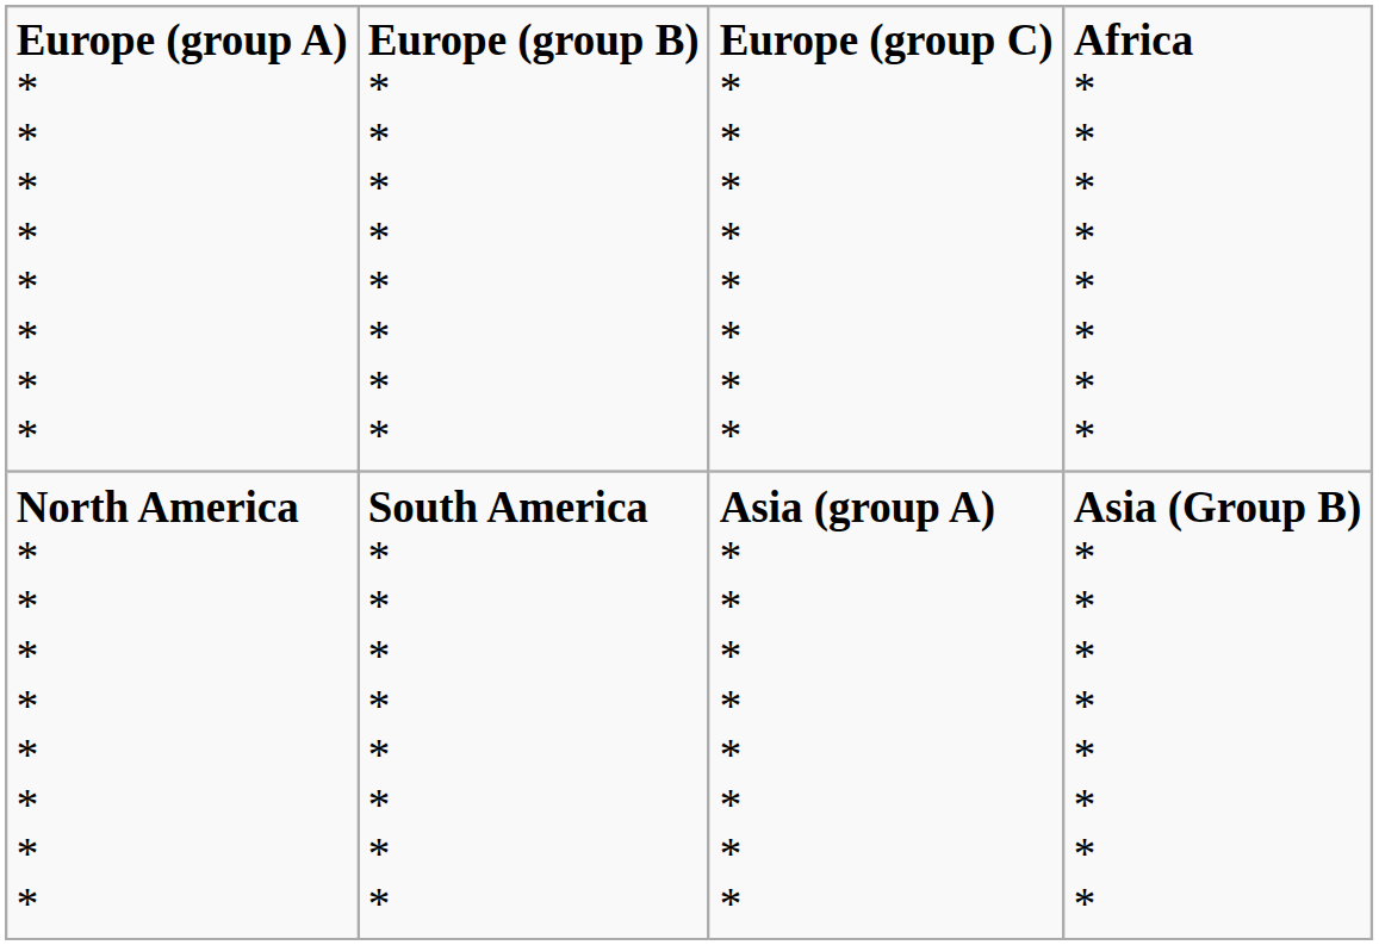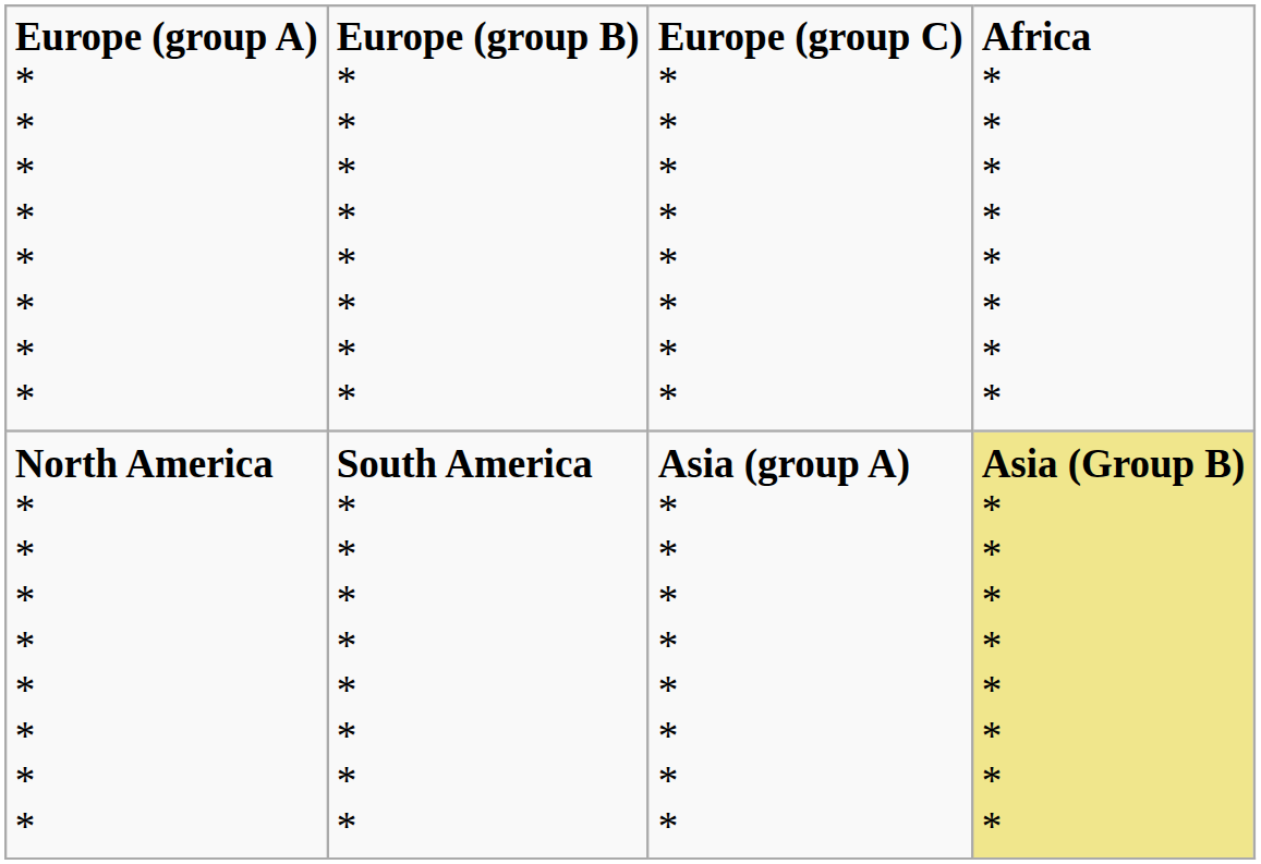 <table class="wikitable">
 <tr>
 <td><strong>Europe (group A)</strong><br>* <br>* <br>* <br>* <br>* <br>* <br>* <br>* </td>
 <td><strong>Europe (group B)</strong><br>* <br>* <br>* <br>* <br>* <br>* <br>* <br>* </td>
 <td><strong>Europe (group C)</strong><br>* <br>* <br>* <br>* <br>* <br>* <br>* <br>* </td>
 <td><strong>Africa</strong><br>* <br>* <br>* <br>* <br>* <br>* <br>* <br>* </td>
 </tr>
 <tr>
 <td><strong>North America</strong><br>* <br>* <br>* <br>* <br>* <br>* <br>* <br>* </td>
 <td><strong>South America</strong><br>* <br>* <br>* <br>* <br>* <br>* <br>* <br>* </td>
 <td><strong>Asia (group A)</strong><br>* <br>* <br>* <br>* <br>* <br>* <br>* <br>* </td>
-<td><strong>Asia (Group B)</strong><br>* <br>* <br>* <br>* <br>* <br>* <br>* <br>* </td>
+<td style="background: khaki;"><strong>Asia (Group B)</strong><br>* <br>* <br>* <br>* <br>* <br>* <br>* <br>* </td>
 </tr>
 <tr>
 </tr>
 </table>
